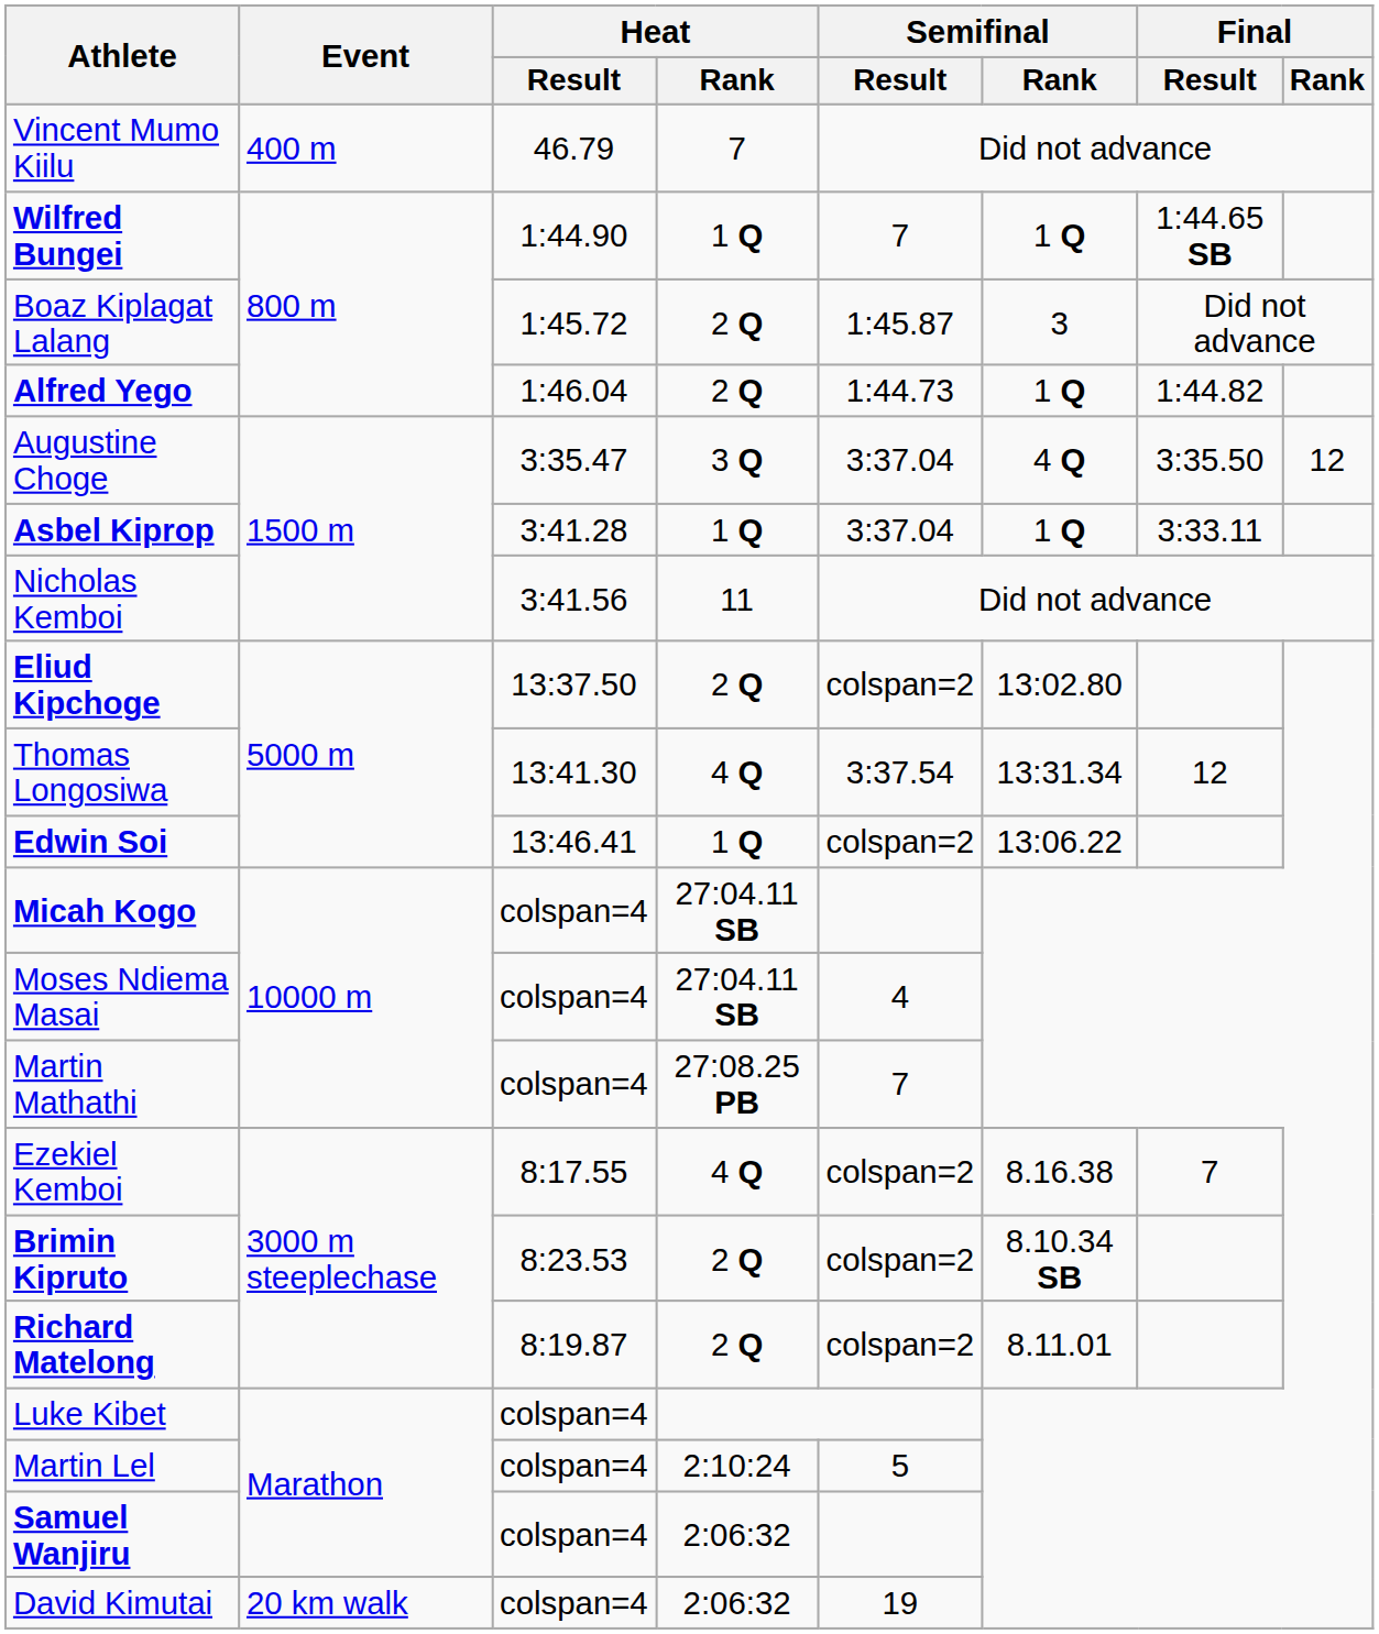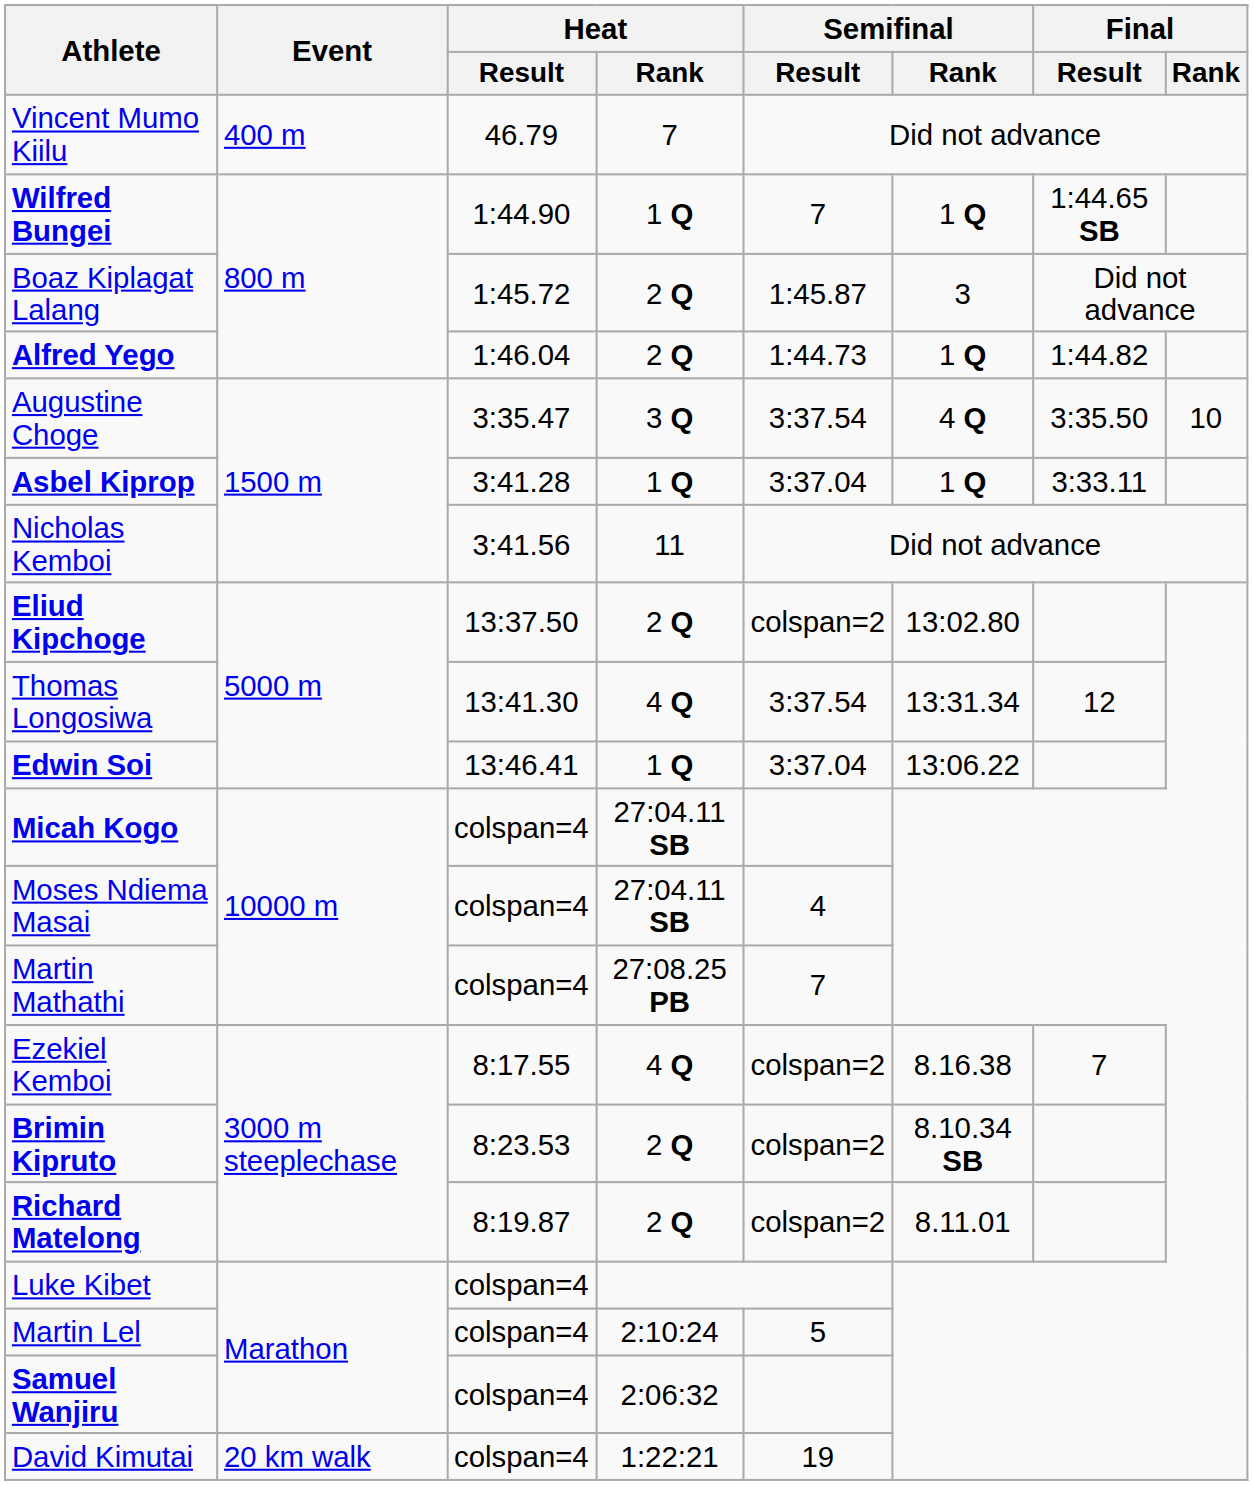 <table class=wikitable style="font-size:90%">
 <tr>
 <th rowspan="2">Athlete</th>
 <th rowspan="2">Event</th>
 <th colspan="2">Heat</th>
 <th colspan="2">Semifinal</th>
 <th colspan="2">Final</th>
 </tr>
 <tr style="font-size:95%">
 <th>Result</th>
 <th>Rank</th>
 <th>Result</th>
 <th>Rank</th>
 <th>Result</th>
 <th>Rank</th>
 </tr>
 <tr align=center>
 <td align=left><a href='#'>Vincent Mumo Kiilu</a></td>
 <td align=left><a href='#'>400 m</a></td>
 <td>46.79</td>
 <td>7</td>
 <td colspan=4>Did not advance</td>
 </tr>
 <tr align=center>
 <td align=left><strong><a href='#'>Wilfred Bungei</a></strong></td>
 <td align=left rowspan=3><a href='#'>800 m</a></td>
 <td>1:44.90</td>
 <td>1 <strong>Q</strong></td>
 <td>7</td>
 <td>1 <strong>Q</strong></td>
 <td>1:44.65 <strong>SB</strong></td>
 <td></td>
 </tr>
 <tr align=center>
 <td align=left><a href='#'>Boaz Kiplagat Lalang</a></td>
 <td>1:45.72</td>
 <td>2 <strong>Q</strong></td>
 <td>1:45.87</td>
 <td>3</td>
 <td colspan=2>Did not advance</td>
 </tr>
 <tr align=center>
 <td align=left><strong><a href='#'>Alfred Yego</a></strong></td>
 <td>1:46.04</td>
 <td>2 <strong>Q</strong></td>
 <td>1:44.73</td>
 <td>1 <strong>Q</strong></td>
 <td>1:44.82</td>
 <td></td>
 </tr>
 <tr align=center>
 <td align=left><a href='#'>Augustine Choge</a></td>
 <td align=left rowspan=3><a href='#'>1500 m</a></td>
 <td>3:35.47</td>
 <td>3 <strong>Q</strong></td>
-<td>3:37.04</td>
+<td>3:37.54</td>
 <td>4 <strong>Q</strong></td>
 <td>3:35.50</td>
-<td>12</td>
+<td>10</td>
 </tr>
 <tr align=center>
 <td align=left><strong><a href='#'>Asbel Kiprop</a></strong></td>
 <td>3:41.28</td>
 <td>1 <strong>Q</strong></td>
 <td>3:37.04</td>
 <td>1 <strong>Q</strong></td>
 <td>3:33.11</td>
 <td></td>
 </tr>
 <tr align=center>
 <td align=left><a href='#'>Nicholas Kemboi</a></td>
 <td>3:41.56</td>
 <td>11</td>
 <td colspan=4>Did not advance</td>
 </tr>
 <tr align=center>
 <td align=left><strong><a href='#'>Eliud Kipchoge</a></strong></td>
 <td align=left rowspan=3><a href='#'>5000 m</a></td>
 <td>13:37.50</td>
 <td>2 <strong>Q</strong></td>
 <td>colspan=2 </td>
 <td>13:02.80</td>
 <td></td>
 </tr>
 <tr align=center>
 <td align=left><a href='#'>Thomas Longosiwa</a></td>
 <td>13:41.30</td>
 <td>4 <strong>Q</strong></td>
 <td>3:37.54</td>
 <td>13:31.34</td>
 <td>12</td>
 </tr>
 <tr align=center>
 <td align=left><strong><a href='#'>Edwin Soi</a></strong></td>
 <td>13:46.41</td>
 <td>1 <strong>Q</strong></td>
-<td>colspan=2 </td>
+<td>3:37.04</td>
 <td>13:06.22</td>
 <td></td>
 </tr>
 <tr align=center>
 <td align=left><strong><a href='#'>Micah Kogo</a></strong></td>
 <td align=left rowspan=3><a href='#'>10000 m</a></td>
 <td>colspan=4 </td>
 <td>27:04.11 <strong>SB</strong></td>
 <td></td>
 </tr>
 <tr align=center>
 <td align=left><a href='#'>Moses Ndiema Masai</a></td>
 <td>colspan=4 </td>
 <td>27:04.11 <strong>SB</strong></td>
 <td>4</td>
 </tr>
 <tr align=center>
 <td align=left><a href='#'>Martin Mathathi</a></td>
 <td>colspan=4 </td>
 <td>27:08.25 <strong>PB</strong></td>
 <td>7</td>
 </tr>
 <tr align=center>
 <td align=left><a href='#'>Ezekiel Kemboi</a></td>
 <td align=left rowspan=3><a href='#'>3000 m steeplechase</a></td>
 <td>8:17.55</td>
 <td>4 <strong>Q</strong></td>
 <td>colspan=2 </td>
 <td>8.16.38</td>
 <td>7</td>
 </tr>
 <tr align=center>
 <td align=left><strong><a href='#'>Brimin Kipruto</a></strong></td>
 <td>8:23.53</td>
 <td>2 <strong>Q</strong></td>
 <td>colspan=2 </td>
 <td>8.10.34 <strong>SB</strong></td>
 <td></td>
 </tr>
 <tr align=center>
 <td align=left><strong><a href='#'>Richard Matelong</a></strong></td>
 <td>8:19.87</td>
 <td>2 <strong>Q</strong></td>
 <td>colspan=2 </td>
 <td>8.11.01</td>
 <td></td>
 </tr>
 <tr align=center>
 <td align=left><a href='#'>Luke Kibet</a></td>
 <td align=left rowspan=3><a href='#'>Marathon</a></td>
 <td>colspan=4 </td>
 <td colspan=2></td>
 </tr>
 <tr align=center>
 <td align=left><a href='#'>Martin Lel</a></td>
 <td>colspan=4 </td>
 <td>2:10:24</td>
 <td>5</td>
 </tr>
 <tr align=center>
 <td align=left><strong><a href='#'>Samuel Wanjiru</a></strong></td>
 <td>colspan=4 </td>
 <td>2:06:32 </td>
 <td></td>
 </tr>
 <tr align=center>
 <td align=left><a href='#'>David Kimutai</a></td>
 <td align=left><a href='#'>20 km walk</a></td>
 <td>colspan=4 </td>
-<td>2:06:32 </td>
+<td>1:22:21</td>
 <td>19</td>
 </tr>
 </table>
